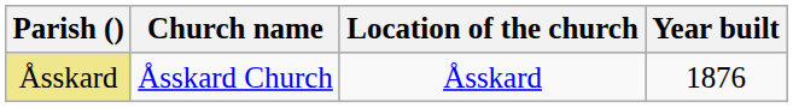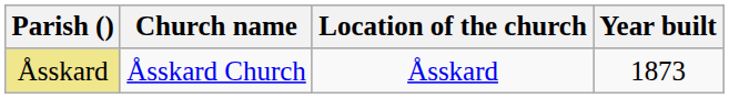 <table class="wikitable" style="text-align:center">
 <tr>
 <th>Parish ()</th>
 <th>Church name</th>
 <th>Location of the church</th>
 <th>Year built</th>
 </tr>
 <tr>
 <td rowspan="1" style="background: khaki;">Åsskard</td>
 <td><a href='#'>Åsskard Church</a></td>
 <td><a href='#'>Åsskard</a></td>
-<td>1876</td>
+<td>1873</td>
 </tr>
 </table>
